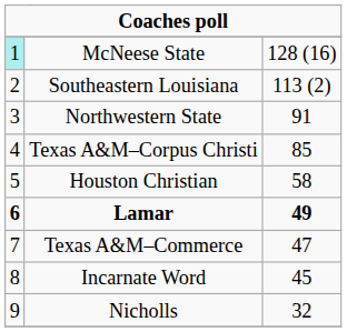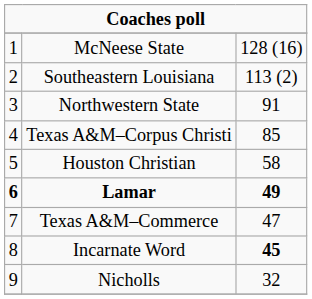 <table class="wikitable">
 <tr align="center">
 <td align="center" Colspan="3"><strong>Coaches poll</strong></td>
 </tr>
 <tr align="center">
 </tr>
 <tr align="center">
-<td style="background: paleturquoise;">1</td>
+<td>1</td>
 <td>McNeese State</td>
 <td>128 (16)</td>
 </tr>
 <tr align="center">
 <td>2</td>
 <td>Southeastern Louisiana</td>
 <td>113 (2)</td>
 </tr>
 <tr align="center">
 <td>3</td>
 <td>Northwestern State</td>
 <td>91</td>
 </tr>
 <tr align="center">
 <td>4</td>
 <td>Texas A&M–Corpus Christi</td>
 <td>85</td>
 </tr>
 <tr align="center">
 <td>5</td>
 <td>Houston Christian</td>
 <td>58</td>
 </tr>
 <tr align="center">
 <td><strong>6</strong></td>
 <td><strong>Lamar</strong></td>
 <td><strong>49</strong></td>
 </tr>
 <tr align="center">
 <td>7</td>
 <td>Texas A&M–Commerce</td>
 <td>47</td>
 </tr>
 <tr align="center">
 <td>8</td>
 <td>Incarnate Word</td>
-<td>45</td>
+<td><strong>45</strong></td>
 </tr>
 <tr align="center">
 <td>9</td>
 <td>Nicholls</td>
 <td>32</td>
 </tr>
 <tr align="center">
 </tr>
 </table>
